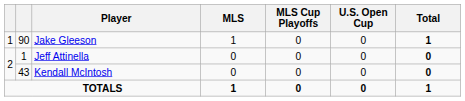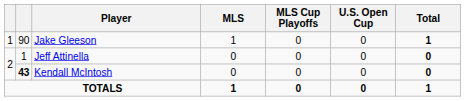 <table class="wikitable sortable" style="font-size: 95%; text-align: center;">
 <tr>
 <th width=10></th>
 <th width=10></th>
 <th width=245>Player</th>
 <th width=90>MLS</th>
 <th width=90>MLS Cup Playoffs</th>
 <th width=90>U.S. Open Cup</th>
 <th width=90>Total</th>
 </tr>
 <tr>
 <td>1</td>
 <td>90</td>
 <td align=left> <a href='#'>Jake Gleeson</a></td>
 <td>1</td>
 <td>0</td>
 <td>0</td>
 <td><strong>1</strong></td>
 </tr>
 <tr>
 <td rowspan="2">2</td>
 <td>1</td>
 <td align=left> <a href='#'>Jeff Attinella</a></td>
 <td>0</td>
 <td>0</td>
 <td>0</td>
 <td><strong>0</strong></td>
 </tr>
 <tr>
-<td>43</td>
+<td><strong>43</strong></td>
 <td align=left> <a href='#'>Kendall McIntosh</a></td>
 <td>0</td>
 <td>0</td>
 <td>0</td>
 <td><strong>0</strong></td>
 </tr>
 <tr>
 <td colspan="3"><strong>TOTALS</strong></td>
 <td><strong>1</strong></td>
 <td><strong>0</strong></td>
 <td><strong>0</strong></td>
 <td><strong>1</strong></td>
 </tr>
 </table>
